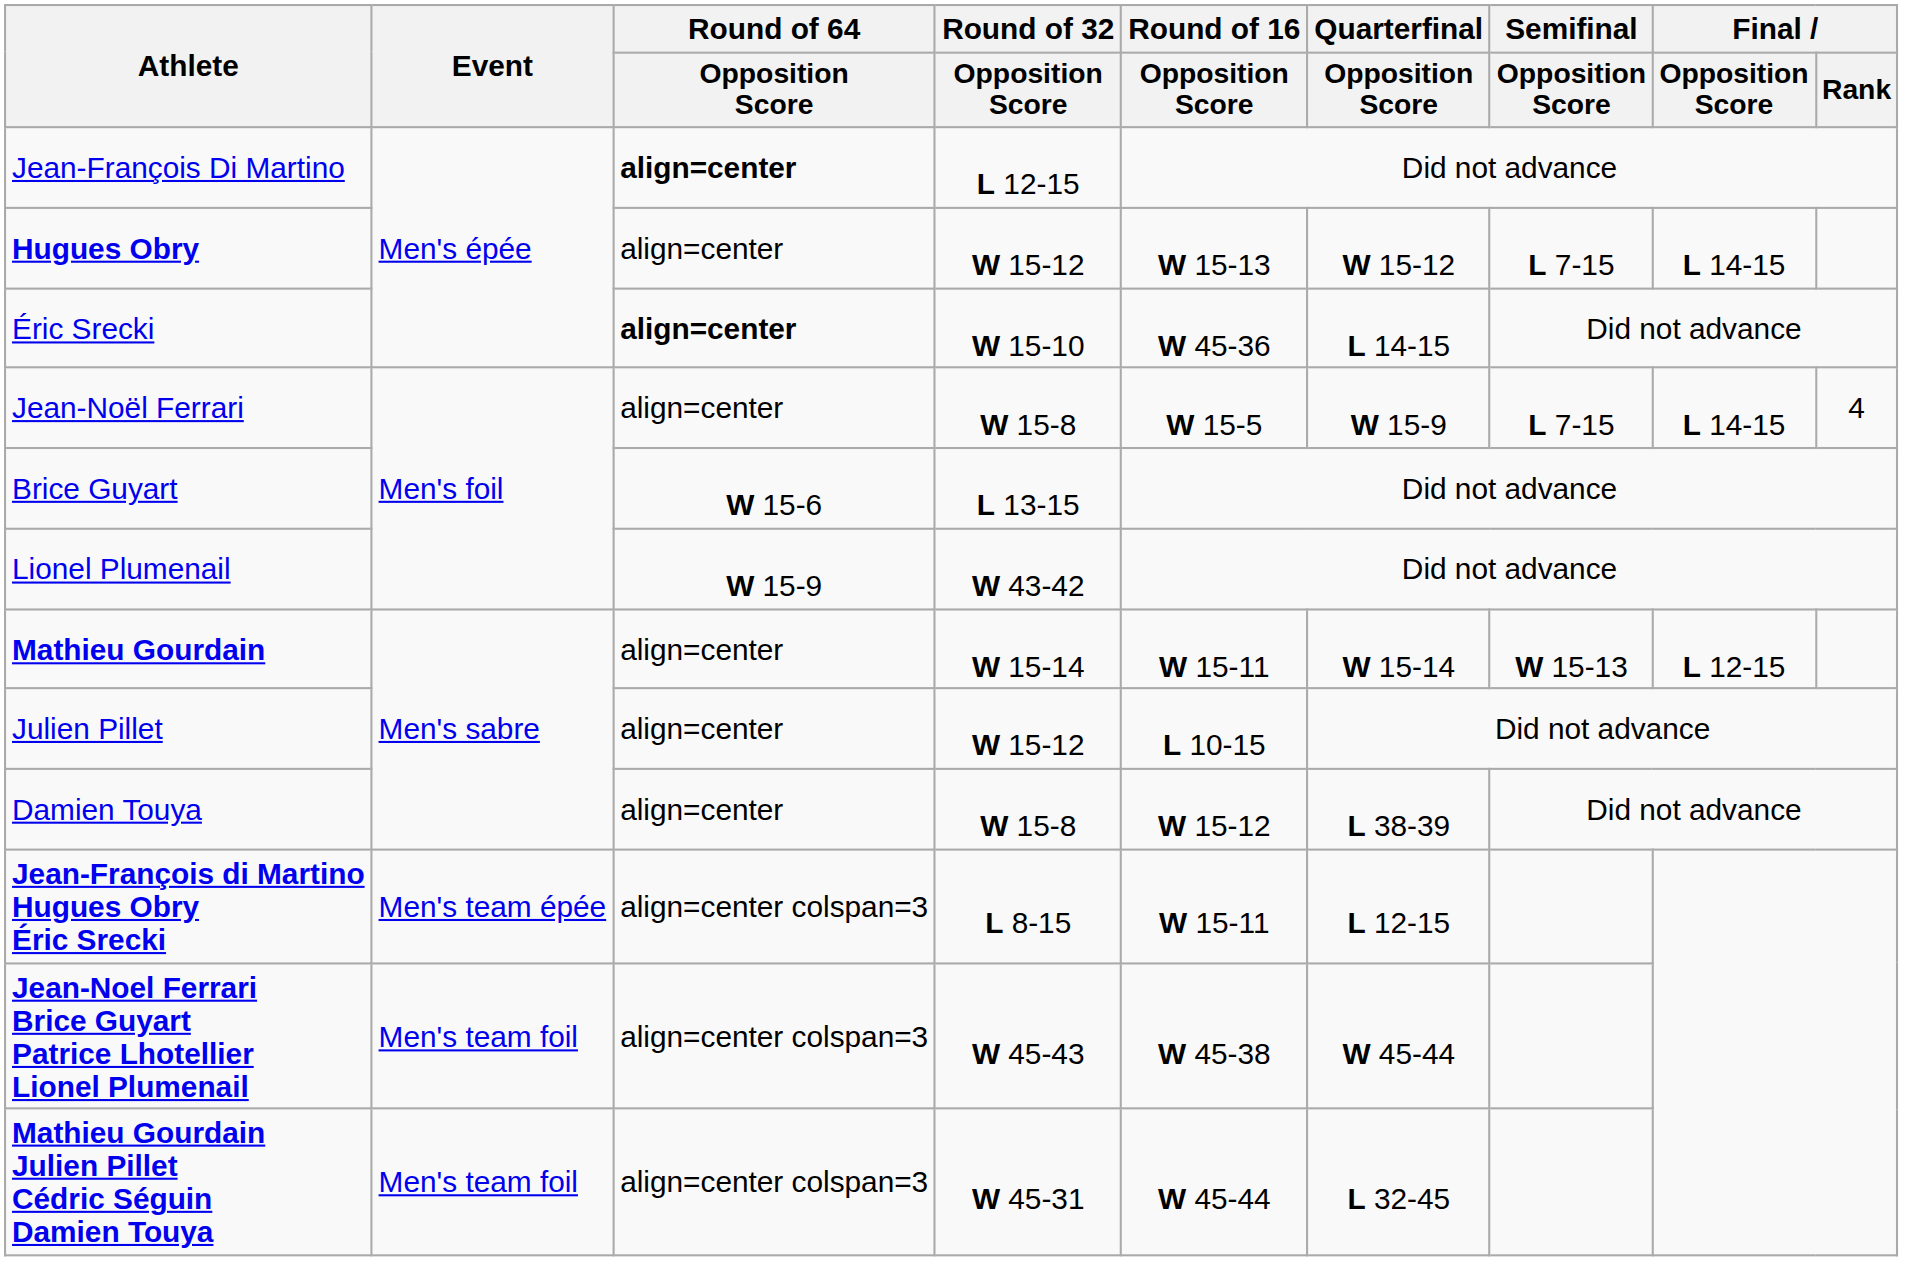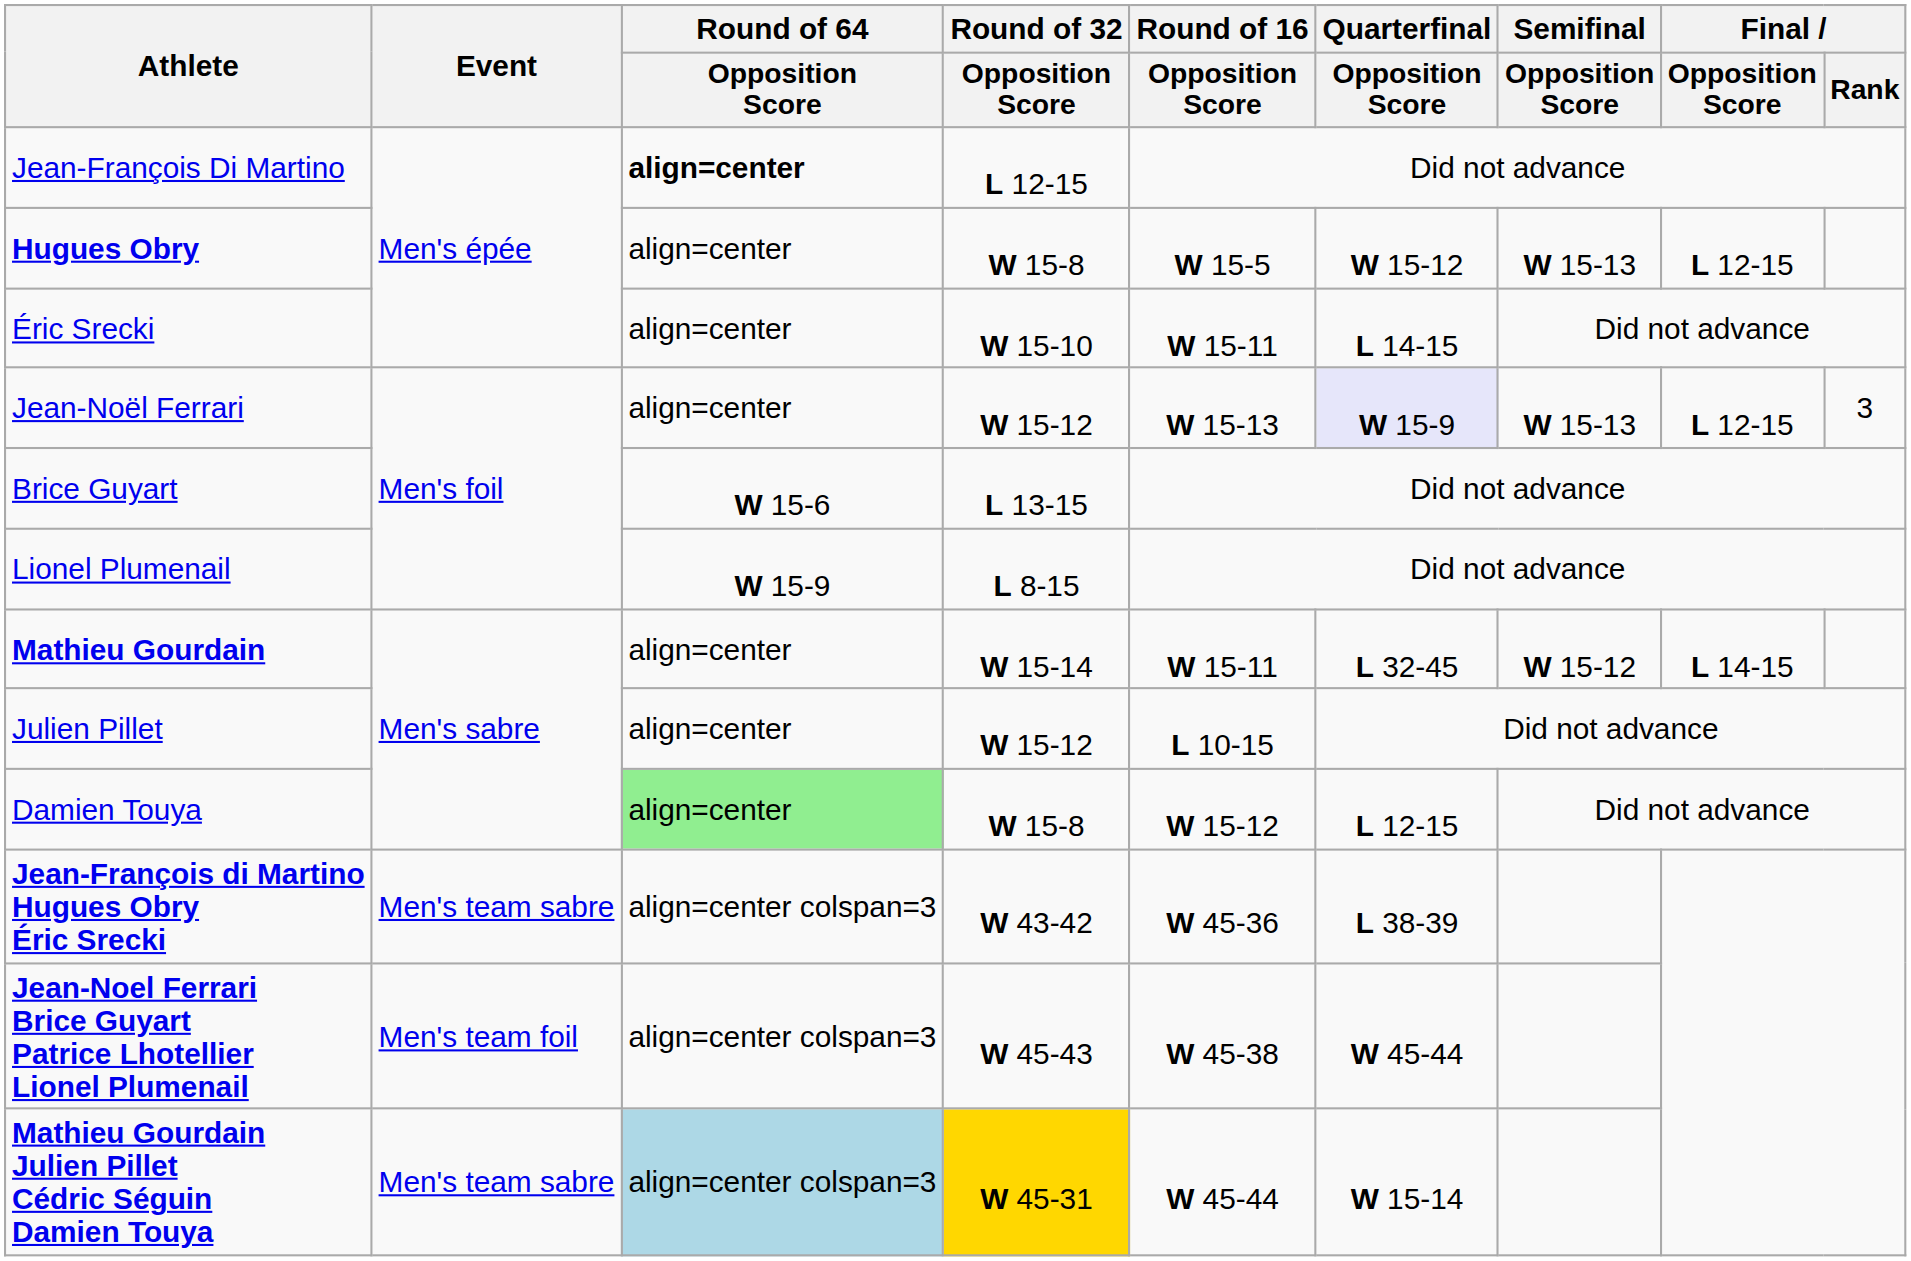 <table class="wikitable" style="font-size:90%">
 <tr>
 <th rowspan="2">Athlete</th>
 <th rowspan="2">Event</th>
 <th>Round of 64</th>
 <th>Round of 32</th>
 <th>Round of 16</th>
 <th>Quarterfinal</th>
 <th>Semifinal</th>
 <th colspan=2>Final / </th>
 </tr>
 <tr style="font-size:95%">
 <th>Opposition <br> Score</th>
 <th>Opposition <br> Score</th>
 <th>Opposition <br> Score</th>
 <th>Opposition <br> Score</th>
 <th>Opposition <br> Score</th>
 <th>Opposition <br> Score</th>
 <th>Rank</th>
 </tr>
 <tr>
 <td align=left><a href='#'>Jean-François Di Martino</a></td>
 <td align=left rowspan=3><a href='#'>Men's épée</a></td>
 <td><strong>align=center </strong></td>
 <td align=center><br><strong>L</strong> 12-15</td>
 <td align=center colspan=5>Did not advance</td>
 </tr>
 <tr>
 <td align=left><strong><a href='#'>Hugues Obry</a></strong></td>
 <td>align=center </td>
+<td align=center><br><strong>W</strong> 15-8</td>
+<td align=center><br><strong>W</strong> 15-5</td>
 <td align=center><br><strong>W</strong> 15-12</td>
 <td align=center><br><strong>W</strong> 15-13</td>
-<td align=center><br><strong>W</strong> 15-12</td>
-<td align=center><br><strong>L</strong> 7-15</td>
-<td align=center><br><strong>L</strong> 14-15</td>
+<td align=center><br><strong>L</strong> 12-15</td>
 <td align=center></td>
 </tr>
 <tr>
 <td align=left><a href='#'>Éric Srecki</a></td>
-<td><strong>align=center </strong></td>
+<td>align=center </td>
 <td align=center><br><strong>W</strong> 15-10</td>
-<td align=center><br><strong>W</strong> 45-36</td>
+<td align=center><br><strong>W</strong> 15-11</td>
 <td align=center><br><strong>L</strong> 14-15</td>
 <td align=center colspan=3>Did not advance</td>
 </tr>
 <tr>
 <td align=left><a href='#'>Jean-Noël Ferrari</a></td>
 <td align=left rowspan=3><a href='#'>Men's foil</a></td>
 <td>align=center </td>
-<td align=center><br><strong>W</strong> 15-8</td>
-<td align=center><br><strong>W</strong> 15-5</td>
-<td align=center><br><strong>W</strong> 15-9</td>
-<td align=center><br><strong>L</strong> 7-15</td>
-<td align=center><br><strong>L</strong> 14-15</td>
-<td align=center>4</td>
+<td align=center><br><strong>W</strong> 15-12</td>
+<td align=center><br><strong>W</strong> 15-13</td>
+<td align=center style="background: lavender;"><br><strong>W</strong> 15-9</td>
+<td align=center><br><strong>W</strong> 15-13</td>
+<td align=center><br><strong>L</strong> 12-15</td>
+<td align=center>3</td>
 </tr>
 <tr>
 <td align=left><a href='#'>Brice Guyart</a></td>
 <td align=center><br><strong>W</strong> 15-6</td>
 <td align=center><br><strong>L</strong> 13-15</td>
 <td align=center colspan=5>Did not advance</td>
 </tr>
 <tr>
 <td align=left><a href='#'>Lionel Plumenail</a></td>
 <td align=center><br><strong>W</strong> 15-9</td>
-<td align=center><br><strong>W</strong> 43-42</td>
+<td align=center><br><strong>L</strong> 8-15</td>
 <td align=center colspan=5>Did not advance</td>
 </tr>
 <tr>
 <td align=left><strong><a href='#'>Mathieu Gourdain</a></strong></td>
 <td align=left rowspan=3><a href='#'>Men's sabre</a></td>
 <td>align=center </td>
 <td align=center><br><strong>W</strong> 15-14</td>
 <td align=center><br><strong>W</strong> 15-11</td>
-<td align=center><br><strong>W</strong> 15-14</td>
-<td align=center><br><strong>W</strong> 15-13</td>
-<td align=center><br><strong>L</strong> 12-15</td>
+<td align=center><br><strong>L</strong> 32-45</td>
+<td align=center><br><strong>W</strong> 15-12</td>
+<td align=center><br><strong>L</strong> 14-15</td>
 <td align=center></td>
 </tr>
 <tr>
 <td align=left><a href='#'>Julien Pillet</a></td>
 <td>align=center </td>
 <td align=center><br><strong>W</strong> 15-12</td>
 <td align=center><br><strong>L</strong> 10-15</td>
 <td align=center colspan=4>Did not advance</td>
 </tr>
 <tr>
 <td align=left><a href='#'>Damien Touya</a></td>
-<td>align=center </td>
+<td style="background: lightgreen;">align=center </td>
 <td align=center><br><strong>W</strong> 15-8</td>
 <td align=center><br><strong>W</strong> 15-12</td>
-<td align=center><br><strong>L</strong> 38-39</td>
+<td align=center><br><strong>L</strong> 12-15</td>
 <td align=center colspan=3>Did not advance</td>
 </tr>
 <tr>
 <td align=left><strong><a href='#'>Jean-François di Martino</a><br> <a href='#'>Hugues Obry</a><br> <a href='#'>Éric Srecki</a></strong></td>
-<td align=left><a href='#'>Men's team épée</a></td>
+<td align=left><a href='#'>Men's team sabre</a></td>
 <td>align=center colspan=3 </td>
-<td align=center><br><strong>L</strong> 8-15</td>
-<td align=center><br><strong>W</strong> 15-11</td>
-<td align=center><br><strong>L</strong> 12-15</td>
+<td align=center><br><strong>W</strong> 43-42</td>
+<td align=center><br><strong>W</strong> 45-36</td>
+<td align=center><br><strong>L</strong> 38-39</td>
 <td align=center></td>
 </tr>
 <tr>
 <td align=left><strong><a href='#'>Jean-Noel Ferrari</a><br> <a href='#'>Brice Guyart</a><br> <a href='#'>Patrice Lhotellier</a><br> <a href='#'>Lionel Plumenail</a></strong></td>
 <td align=left><a href='#'>Men's team foil</a></td>
 <td>align=center colspan=3 </td>
 <td align=center><br><strong>W</strong> 45-43</td>
 <td align=center><br><strong>W</strong> 45-38</td>
 <td align=center><br><strong>W</strong> 45-44</td>
 <td align=center></td>
 </tr>
 <tr>
 <td align=left><strong><a href='#'>Mathieu Gourdain</a></strong><br> <strong><a href='#'>Julien Pillet</a></strong><br> <strong><a href='#'>Cédric Séguin</a></strong><br> <strong><a href='#'>Damien Touya</a></strong></td>
-<td align=left><a href='#'>Men's team foil</a></td>
-<td>align=center colspan=3 </td>
-<td align=center><br><strong>W</strong> 45-31</td>
+<td align=left><a href='#'>Men's team sabre</a></td>
+<td style="background: lightblue;">align=center colspan=3 </td>
+<td align=center style="background: gold;"><br><strong>W</strong> 45-31</td>
 <td align=center><br><strong>W</strong> 45-44</td>
-<td align=center><br><strong>L</strong> 32-45</td>
+<td align=center><br><strong>W</strong> 15-14</td>
 <td align=center></td>
 </tr>
 </table>
